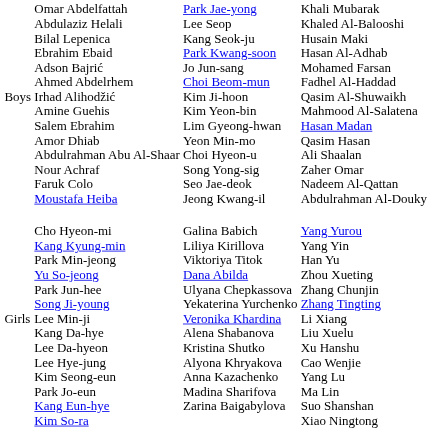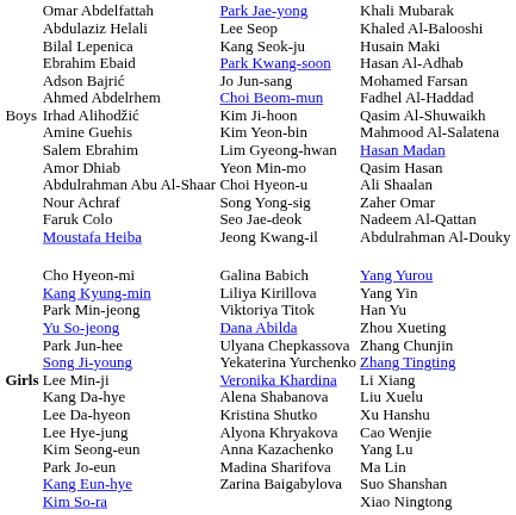 <table>
 <tr>
 <td>Boys</td>
 <td><br>Omar Abdelfattah<br>Abdulaziz Helali<br>Bilal Lepenica<br>Ebrahim Ebaid<br>Adson Bajrić<br>Ahmed Abdelrhem<br>Irhad Alihodžić<br>Amine Guehis<br>Salem Ebrahim<br>Amor Dhiab<br>Abdulrahman Abu Al-Shaar<br>Nour Achraf<br>Faruk Colo<br><a href='#'>Moustafa Heiba</a></td>
 <td><br><a href='#'>Park Jae-yong</a><br>Lee Seop<br>Kang Seok-ju<br><a href='#'>Park Kwang-soon</a><br>Jo Jun-sang<br><a href='#'>Choi Beom-mun</a><br>Kim Ji-hoon<br>Kim Yeon-bin<br>Lim Gyeong-hwan<br>Yeon Min-mo<br>Choi Hyeon-u<br>Song Yong-sig<br>Seo Jae-deok<br>Jeong Kwang-il</td>
 <td><br>Khali Mubarak<br>Khaled Al-Balooshi<br>Husain Maki<br>Hasan Al-Adhab<br>Mohamed Farsan<br>Fadhel Al-Haddad<br>Qasim Al-Shuwaikh<br>Mahmood Al-Salatena<br><a href='#'>Hasan Madan</a><br>Qasim Hasan<br>Ali Shaalan<br>Zaher Omar<br>Nadeem Al-Qattan<br>Abdulrahman Al-Douky</td>
 </tr>
 <tr>
-<td>Girls</td>
+<td><strong>Girls</strong></td>
 <td><br>Cho Hyeon-mi<br><a href='#'>Kang Kyung-min</a><br>Park Min-jeong<br><a href='#'>Yu So-jeong</a><br>Park Jun-hee<br><a href='#'>Song Ji-young</a><br>Lee Min-ji<br>Kang Da-hye<br>Lee Da-hyeon<br>Lee Hye-jung<br>Kim Seong-eun<br>Park Jo-eun<br><a href='#'>Kang Eun-hye</a><br><a href='#'>Kim So-ra</a></td>
 <td valign=top><br>Galina Babich<br>Liliya Kirillova<br>Viktoriya Titok<br><a href='#'>Dana Abilda</a><br>Ulyana Chepkassova<br>Yekaterina Yurchenko<br><a href='#'>Veronika Khardina</a><br>Alena Shabanova<br>Kristina Shutko<br>Alyona Khryakova<br>Anna Kazachenko<br>Madina Sharifova<br>Zarina Baigabylova</td>
 <td><br><a href='#'>Yang Yurou</a><br>Yang Yin<br>Han Yu<br>Zhou Xueting<br>Zhang Chunjin<br><a href='#'>Zhang Tingting</a><br>Li Xiang<br>Liu Xuelu<br>Xu Hanshu<br>Cao Wenjie<br>Yang Lu<br>Ma Lin<br>Suo Shanshan<br>Xiao Ningtong</td>
 </tr>
 </table>
